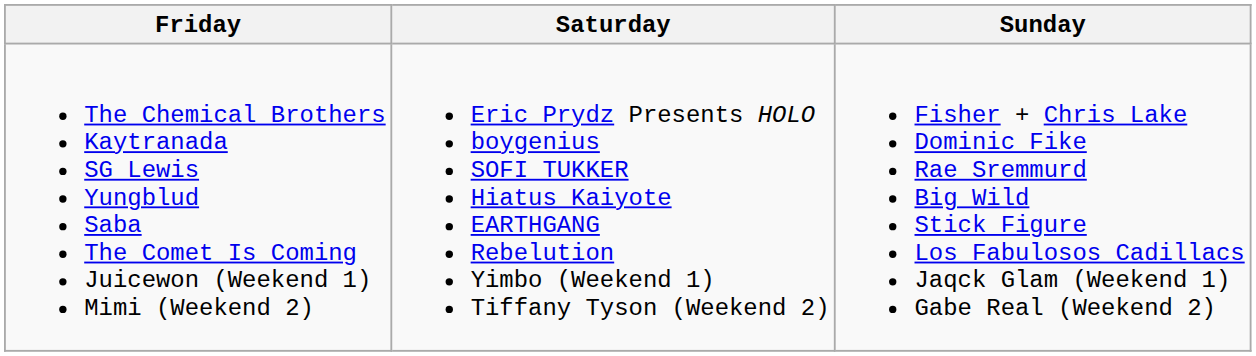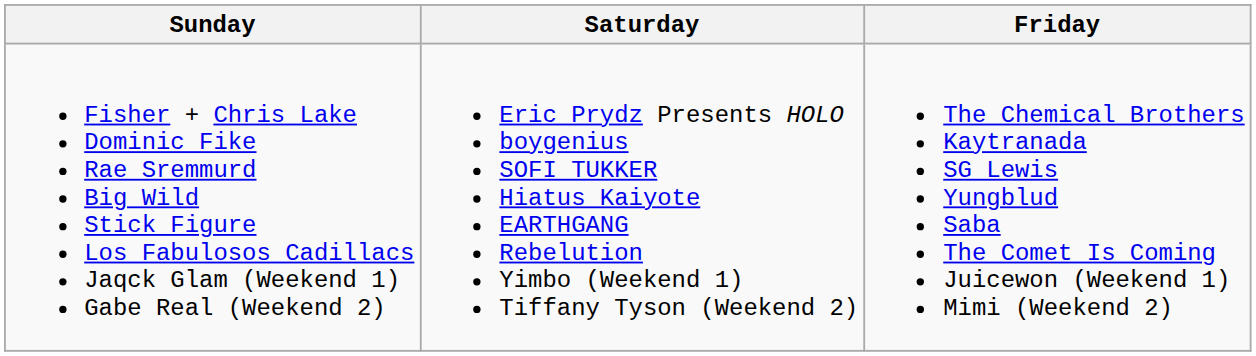 <table class="wikitable">
 <tr>
+<th>Sunday</th>
+<th>Saturday</th>
 <th>Friday</th>
-<th>Saturday</th>
-<th>Sunday</th>
 </tr>
 <tr valign="top">
+<td><br><ul><li><a href='#'>Fisher</a> + <a href='#'>Chris Lake</a></li><li><a href='#'>Dominic Fike</a></li><li><a href='#'>Rae Sremmurd</a></li><li><a href='#'>Big Wild</a></li><li><a href='#'>Stick Figure</a></li><li><a href='#'>Los Fabulosos Cadillacs</a></li><li>Jaqck Glam (Weekend 1)</li><li>Gabe Real (Weekend 2)</li></ul></td>
+<td><br><ul><li><a href='#'>Eric Prydz</a> Presents <em>HOLO</em></li><li><a href='#'>boygenius</a></li><li><a href='#'>SOFI TUKKER</a></li><li><a href='#'>Hiatus Kaiyote</a></li><li><a href='#'>EARTHGANG</a></li><li><a href='#'>Rebelution</a></li><li>Yimbo (Weekend 1)</li><li>Tiffany Tyson (Weekend 2)</li></ul></td>
 <td><br><ul><li><a href='#'>The Chemical Brothers</a></li><li><a href='#'>Kaytranada</a></li><li><a href='#'>SG Lewis</a></li><li><a href='#'>Yungblud</a></li><li><a href='#'>Saba</a></li><li><a href='#'>The Comet Is Coming</a></li><li>Juicewon (Weekend 1)</li><li>Mimi (Weekend 2)</li></ul></td>
-<td><br><ul><li><a href='#'>Eric Prydz</a> Presents <em>HOLO</em></li><li><a href='#'>boygenius</a></li><li><a href='#'>SOFI TUKKER</a></li><li><a href='#'>Hiatus Kaiyote</a></li><li><a href='#'>EARTHGANG</a></li><li><a href='#'>Rebelution</a></li><li>Yimbo (Weekend 1)</li><li>Tiffany Tyson (Weekend 2)</li></ul></td>
-<td><br><ul><li><a href='#'>Fisher</a> + <a href='#'>Chris Lake</a></li><li><a href='#'>Dominic Fike</a></li><li><a href='#'>Rae Sremmurd</a></li><li><a href='#'>Big Wild</a></li><li><a href='#'>Stick Figure</a></li><li><a href='#'>Los Fabulosos Cadillacs</a></li><li>Jaqck Glam (Weekend 1)</li><li>Gabe Real (Weekend 2)</li></ul></td>
 </tr>
 </table>
